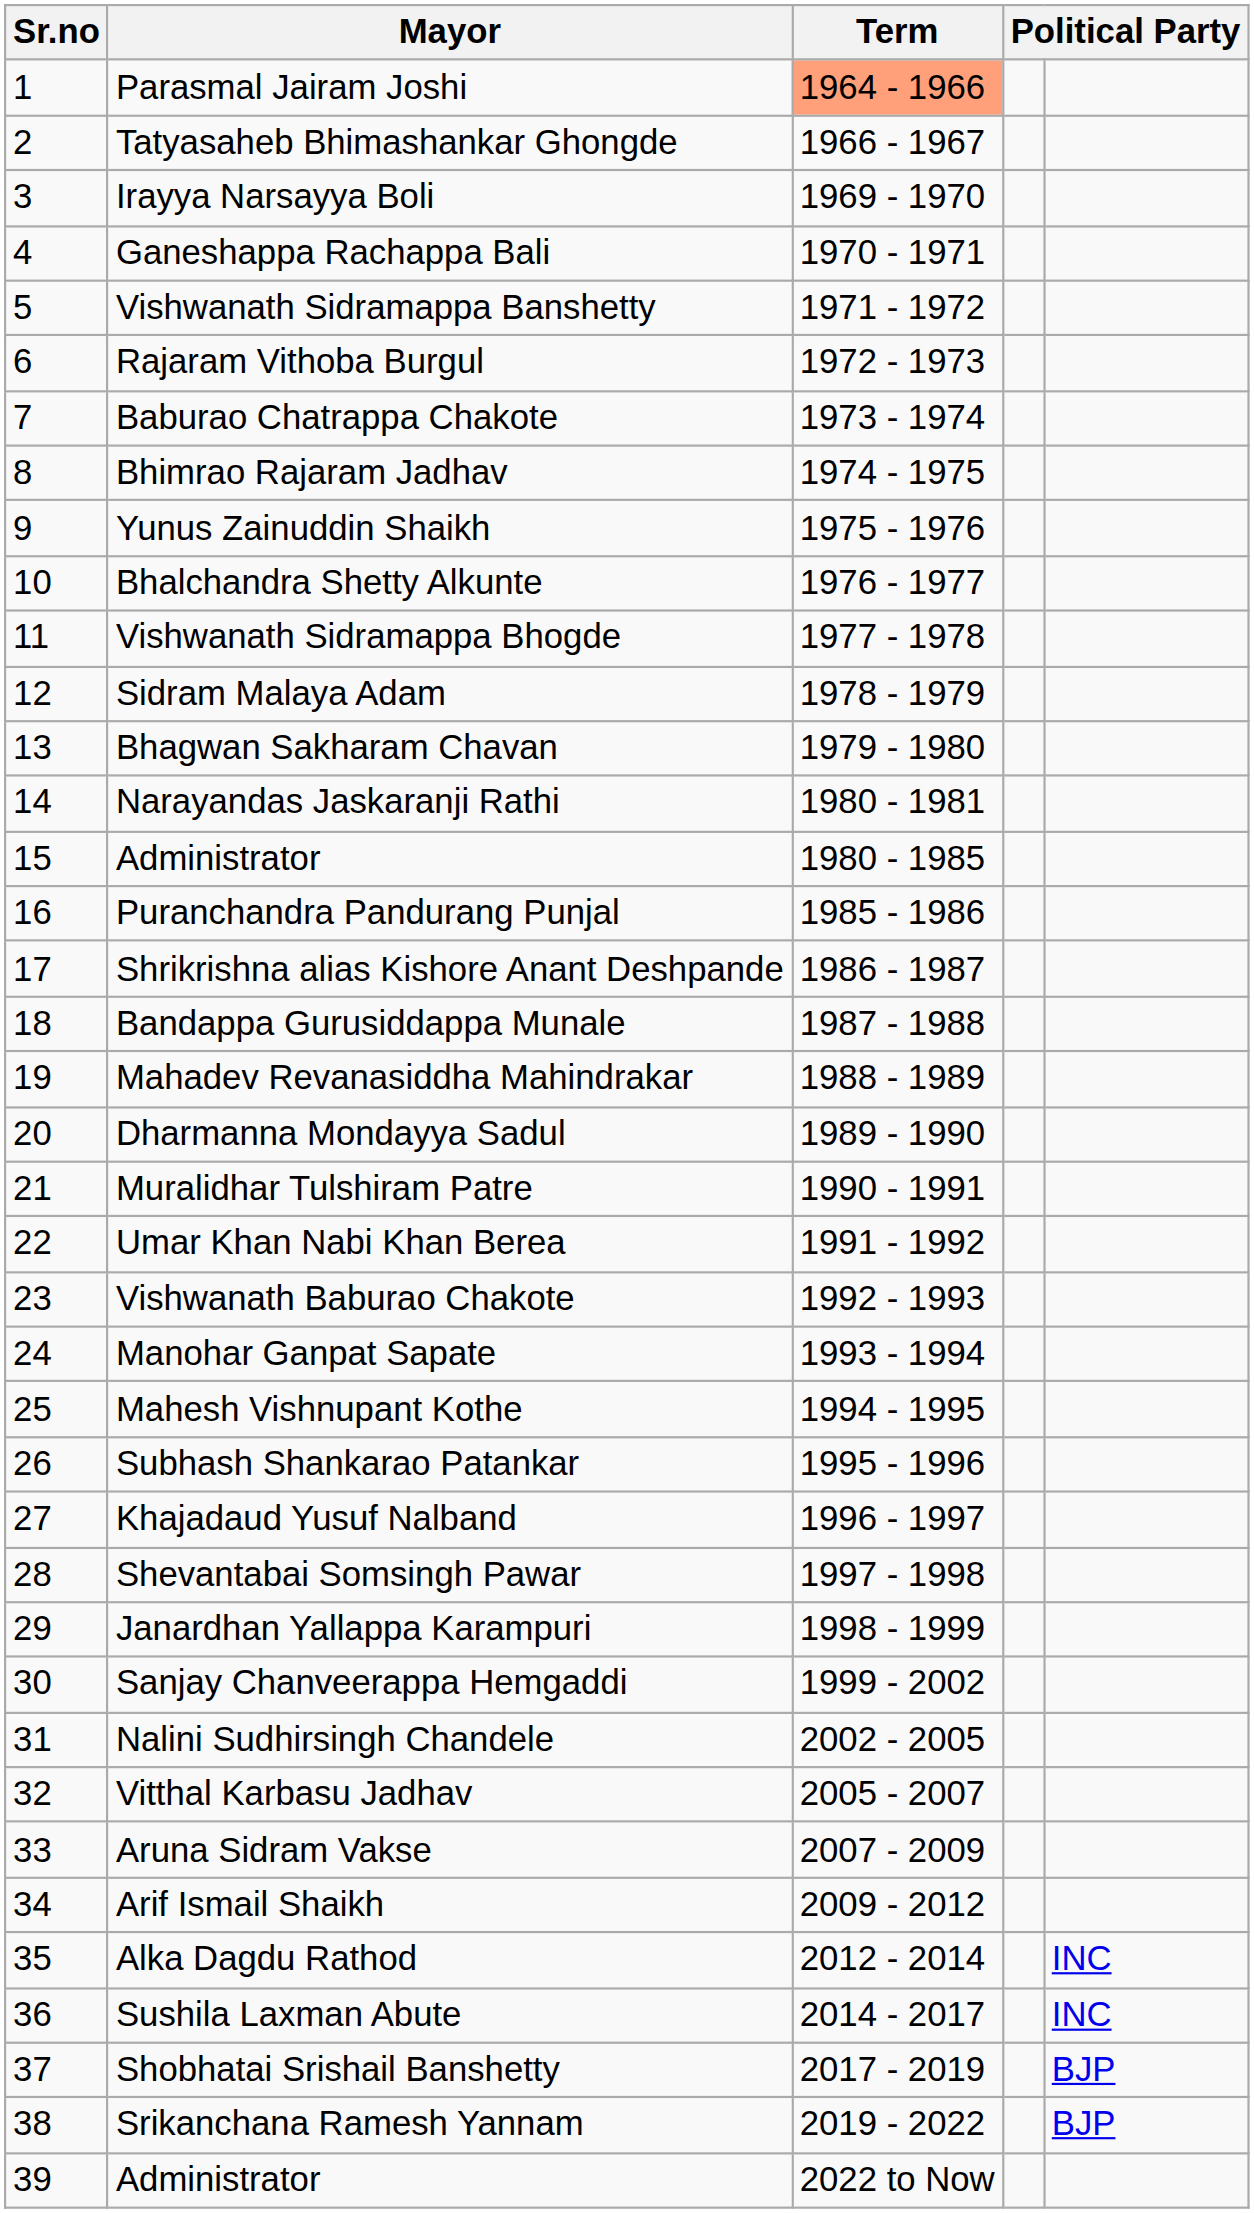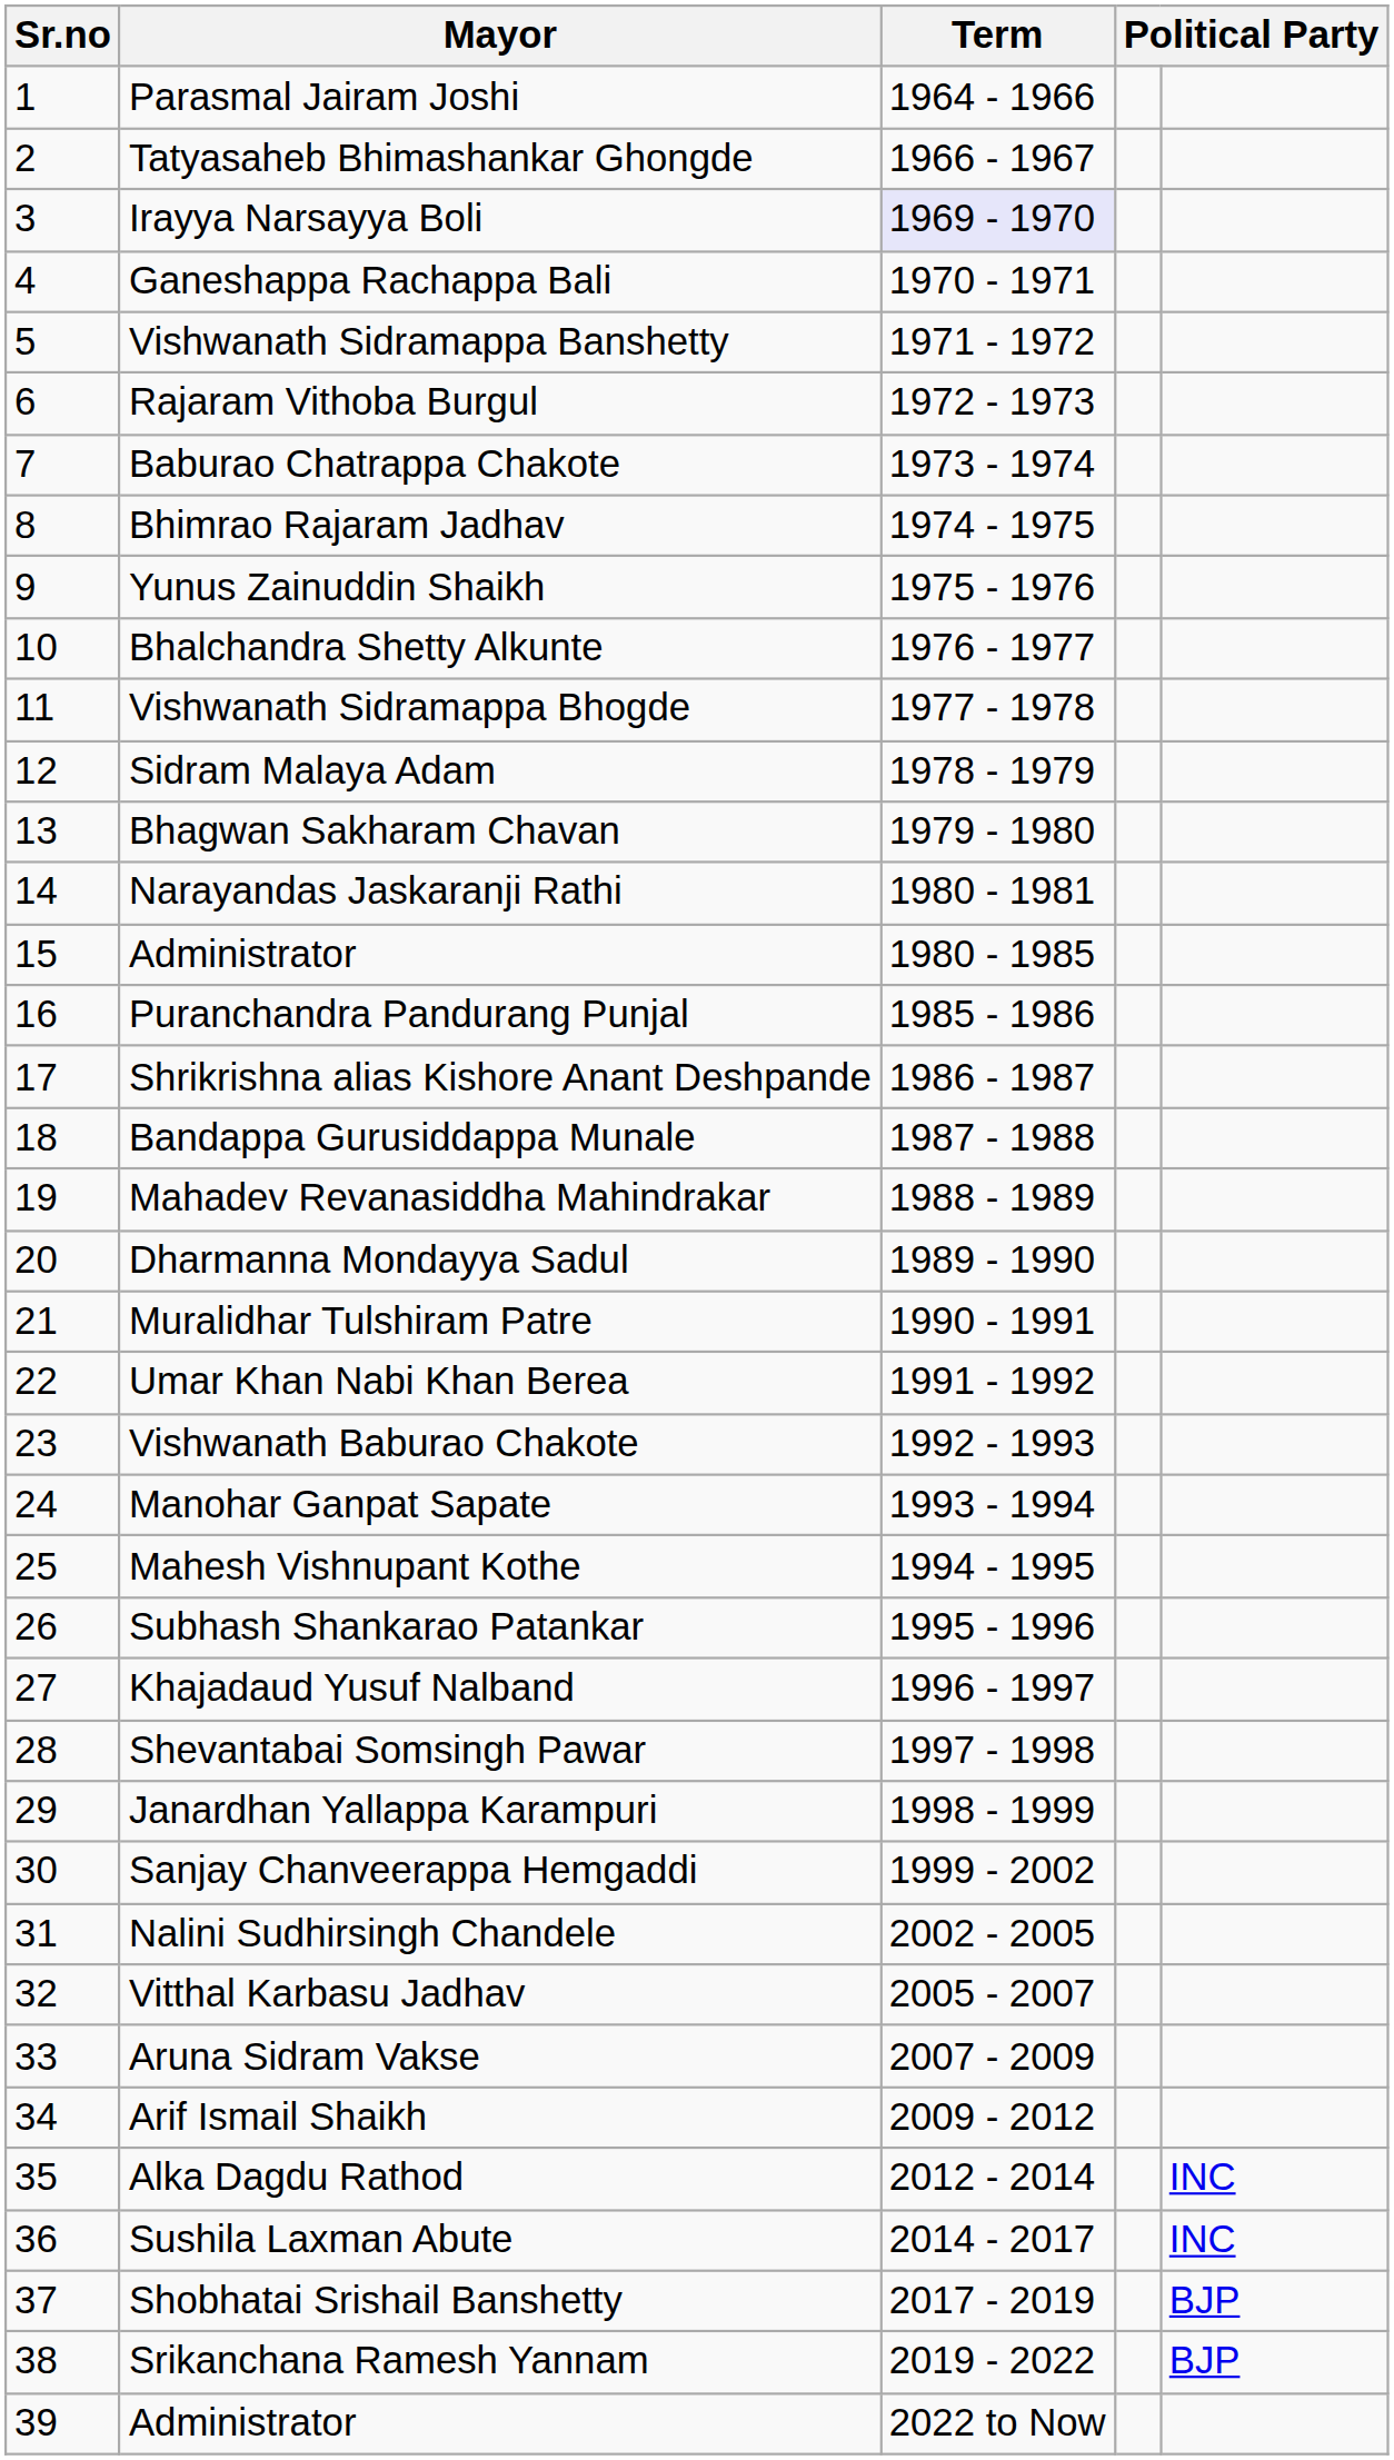 <table class="wikitable">
 <tr>
 <th>Sr.no</th>
 <th>Mayor</th>
 <th>Term</th>
 <th colspan="2">Political Party</th>
 </tr>
 <tr>
 <td>1</td>
 <td>Parasmal Jairam Joshi</td>
-<td style="background: lightsalmon;">1964 - 1966</td>
+<td>1964 - 1966</td>
 <td></td>
 <td></td>
 </tr>
 <tr>
 <td>2</td>
 <td>Tatyasaheb Bhimashankar Ghongde</td>
 <td>1966 - 1967</td>
 <td></td>
 <td></td>
 </tr>
 <tr>
 <td>3</td>
 <td>Irayya Narsayya Boli</td>
-<td>1969 - 1970</td>
+<td style="background: lavender;">1969 - 1970</td>
 <td></td>
 <td></td>
 </tr>
 <tr>
 <td>4</td>
 <td>Ganeshappa Rachappa Bali</td>
 <td>1970 - 1971</td>
 <td></td>
 <td></td>
 </tr>
 <tr>
 <td>5</td>
 <td>Vishwanath Sidramappa Banshetty</td>
 <td>1971 - 1972</td>
 <td></td>
 <td></td>
 </tr>
 <tr Namdeorao Ramkrishna Mate>
 <td>6</td>
 <td>Rajaram Vithoba Burgul</td>
 <td>1972 - 1973</td>
 <td></td>
 <td></td>
 </tr>
 <tr>
 <td>7</td>
 <td Bhai Vaidya>Baburao Chatrappa Chakote</td>
 <td>1973 -  1974</td>
 <td></td>
 <td></td>
 </tr>
 <tr>
 <td>8</td>
 <td>Bhimrao Rajaram Jadhav</td>
 <td>1974 - 1975</td>
 <td></td>
 <td></td>
 </tr>
 <tr>
 <td>9</td>
 <td>Yunus Zainuddin Shaikh</td>
 <td>1975 - 1976</td>
 <td></td>
 <td></td>
 </tr>
 <tr>
 <td>10</td>
 <td>Bhalchandra Shetty Alkunte</td>
 <td>1976 - 1977</td>
 <td></td>
 <td></td>
 </tr>
 <tr>
 <td>11</td>
 <td>Vishwanath Sidramappa Bhogde</td>
 <td>1977 - 1978</td>
 <td></td>
 <td></td>
 </tr>
 <tr>
 <td>12</td>
 <td>Sidram Malaya Adam</td>
 <td>1978 - 1979</td>
 <td></td>
 <td></td>
 </tr>
 <tr>
 <td>13</td>
 <td>Bhagwan Sakharam Chavan</td>
 <td>1979 - 1980</td>
 <td></td>
 <td></td>
 </tr>
 <tr>
 <td>14</td>
 <td>Narayandas Jaskaranji Rathi</td>
 <td>1980 - 1981</td>
 <td></td>
 <td></td>
 </tr>
 <tr>
 <td>15</td>
 <td>Administrator</td>
 <td>1980 - 1985</td>
 <td></td>
 <td></td>
 </tr>
 <tr>
 <td>16</td>
 <td>Puranchandra Pandurang Punjal</td>
 <td>1985 - 1986</td>
 <td></td>
 <td></td>
 </tr>
 <tr>
 <td>17</td>
 <td>Shrikrishna alias Kishore Anant Deshpande</td>
 <td>1986 - 1987</td>
 <td></td>
 <td></td>
 </tr>
 <tr>
 <td>18</td>
 <td>Bandappa Gurusiddappa Munale</td>
 <td>1987 - 1988</td>
 <td></td>
 <td></td>
 </tr>
 <tr>
 <td>19</td>
 <td>Mahadev Revanasiddha Mahindrakar</td>
 <td>1988 - 1989</td>
 <td></td>
 <td></td>
 </tr>
 <tr>
 <td>20</td>
 <td>Dharmanna Mondayya Sadul</td>
 <td>1989 - 1990</td>
 <td></td>
 <td></td>
 </tr>
 <tr>
 <td>21</td>
 <td>Muralidhar Tulshiram Patre</td>
 <td>1990 - 1991</td>
 <td></td>
 <td></td>
 </tr>
 <tr>
 <td>22</td>
 <td>Umar Khan Nabi Khan Berea</td>
 <td>1991 - 1992</td>
 <td></td>
 <td></td>
 </tr>
 <tr>
 <td>23</td>
 <td>Vishwanath Baburao Chakote</td>
 <td>1992 - 1993</td>
 <td></td>
 <td></td>
 </tr>
 <tr>
 <td>24</td>
 <td>Manohar Ganpat Sapate</td>
 <td>1993 - 1994</td>
 <td></td>
 <td></td>
 </tr>
 <tr>
 <td>25</td>
 <td>Mahesh Vishnupant Kothe</td>
 <td>1994 - 1995</td>
 <td></td>
 <td></td>
 </tr>
 <tr>
 <td>26</td>
 <td>Subhash Shankarao Patankar</td>
 <td>1995 - 1996</td>
 <td></td>
 <td></td>
 </tr>
 <tr>
 <td>27</td>
 <td>Khajadaud Yusuf Nalband</td>
 <td>1996 - 1997</td>
 <td></td>
 <td></td>
 </tr>
 <tr>
 <td>28</td>
 <td>Shevantabai Somsingh Pawar</td>
 <td>1997 - 1998</td>
 <td></td>
 <td></td>
 </tr>
 <tr>
 <td>29</td>
 <td>Janardhan Yallappa Karampuri</td>
 <td>1998 - 1999</td>
 <td></td>
 <td></td>
 </tr>
 <tr>
 <td>30</td>
 <td>Sanjay Chanveerappa Hemgaddi</td>
 <td>1999 - 2002</td>
 <td></td>
 <td></td>
 </tr>
 <tr>
 <td>31</td>
 <td>Nalini Sudhirsingh Chandele</td>
 <td>2002 - 2005</td>
 <td></td>
 <td></td>
 </tr>
 <tr>
 <td>32</td>
 <td>Vitthal Karbasu Jadhav</td>
 <td>2005 - 2007</td>
 <td></td>
 <td></td>
 </tr>
 <tr>
 <td>33</td>
 <td>Aruna Sidram Vakse</td>
 <td>2007 - 2009</td>
 <td></td>
 <td></td>
 </tr>
 <tr>
 <td>34</td>
 <td>Arif Ismail Shaikh</td>
 <td>2009 -  2012</td>
 <td></td>
 <td></td>
 </tr>
 <tr>
 <td>35</td>
 <td>Alka Dagdu Rathod</td>
 <td>2012 - 2014</td>
 <td style="background-color: "></td>
 <td><a href='#'>INC</a></td>
 </tr>
 <tr>
 <td>36</td>
 <td>Sushila Laxman Abute</td>
 <td>2014 - 2017</td>
 <td style="background-color: "></td>
 <td><a href='#'>INC</a></td>
 </tr>
 <tr>
 <td>37</td>
 <td>Shobhatai Srishail Banshetty</td>
 <td>2017 - 2019</td>
 <td style="background-color: "></td>
 <td><a href='#'>BJP</a></td>
 </tr>
 <tr>
 <td>38</td>
 <td>Srikanchana Ramesh Yannam</td>
 <td>2019 - 2022</td>
 <td style="background-color: "></td>
 <td><a href='#'>BJP</a></td>
 </tr>
 <tr>
 <td>39</td>
 <td>Administrator</td>
 <td>2022 to Now</td>
 <td></td>
 <td></td>
 </tr>
 </table>
